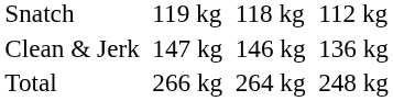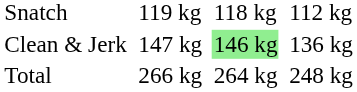 <table>
 <tr>
 <td>Snatch</td>
 <td></td>
 <td>119 kg</td>
 <td></td>
 <td>118 kg</td>
 <td></td>
 <td>112 kg</td>
 </tr>
 <tr>
 <td>Clean & Jerk</td>
 <td></td>
 <td>147 kg</td>
 <td></td>
-<td>146 kg</td>
+<td style="background: lightgreen;">146 kg</td>
 <td></td>
 <td>136 kg</td>
 </tr>
 <tr>
 <td>Total</td>
 <td></td>
 <td>266 kg</td>
 <td></td>
 <td>264 kg</td>
 <td></td>
 <td>248 kg</td>
 </tr>
 </table>
